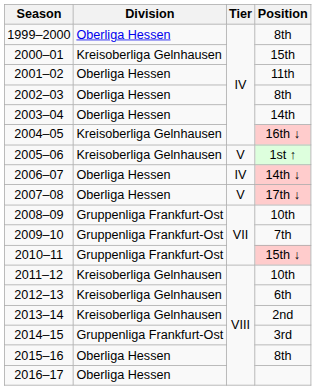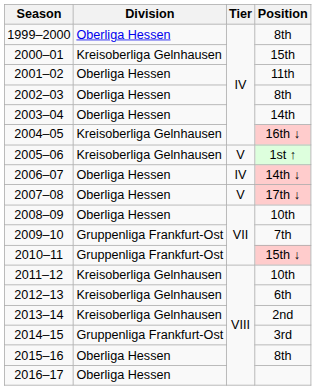 <table class="wikitable">
 <tr>
 <th>Season</th>
 <th>Division</th>
 <th>Tier</th>
 <th>Position</th>
 </tr>
 <tr align="center">
 <td>1999–2000</td>
 <td align="left"><a href='#'>Oberliga Hessen</a></td>
 <td rowspan=6>IV</td>
 <td>8th</td>
 </tr>
 <tr align="center">
 <td>2000–01</td>
 <td align="left">Kreisoberliga Gelnhausen</td>
 <td>15th</td>
 </tr>
 <tr align="center">
 <td>2001–02</td>
 <td align="left">Oberliga Hessen</td>
 <td>11th</td>
 </tr>
 <tr align="center">
 <td>2002–03</td>
 <td align="left">Oberliga Hessen</td>
 <td>8th</td>
 </tr>
 <tr align="center">
 <td>2003–04</td>
 <td align="left">Oberliga Hessen</td>
 <td>14th</td>
 </tr>
 <tr align="center">
 <td>2004–05</td>
 <td align="left">Kreisoberliga Gelnhausen</td>
 <td style="background:#ffcccc">16th ↓</td>
 </tr>
 <tr align="center">
 <td>2005–06</td>
 <td align="left">Kreisoberliga Gelnhausen</td>
 <td>V</td>
 <td style="background:#ddffdd">1st ↑</td>
 </tr>
 <tr align="center">
 <td>2006–07</td>
 <td align="left">Oberliga Hessen</td>
 <td>IV</td>
 <td style="background:#ffcccc">14th ↓</td>
 </tr>
 <tr align="center">
 <td>2007–08</td>
 <td align="left">Oberliga Hessen</td>
 <td>V</td>
 <td style="background:#ffcccc">17th ↓</td>
 </tr>
 <tr align="center">
 <td>2008–09</td>
-<td align="left">Gruppenliga Frankfurt-Ost</td>
+<td align="left">Oberliga Hessen</td>
 <td rowspan=3>VII</td>
 <td>10th</td>
 </tr>
 <tr align="center">
 <td>2009–10</td>
 <td align="left">Gruppenliga Frankfurt-Ost</td>
 <td>7th</td>
 </tr>
 <tr align="center">
 <td>2010–11</td>
 <td align="left">Gruppenliga Frankfurt-Ost</td>
 <td style="background:#ffcccc">15th ↓</td>
 </tr>
 <tr align="center">
 <td>2011–12</td>
 <td align="left">Kreisoberliga Gelnhausen</td>
 <td rowspan=6>VIII</td>
 <td>10th</td>
 </tr>
 <tr align="center">
 <td>2012–13</td>
 <td align="left">Kreisoberliga Gelnhausen</td>
 <td>6th</td>
 </tr>
 <tr align="center">
 <td>2013–14</td>
 <td align="left">Kreisoberliga Gelnhausen</td>
 <td>2nd</td>
 </tr>
 <tr align="center">
 <td>2014–15</td>
 <td align="left">Gruppenliga Frankfurt-Ost</td>
 <td>3rd</td>
 </tr>
 <tr align="center">
 <td>2015–16</td>
 <td align="left">Oberliga Hessen</td>
 <td>8th</td>
 </tr>
 <tr align="center">
 <td>2016–17</td>
 <td align="left">Oberliga Hessen</td>
 <td></td>
 </tr>
 </table>
